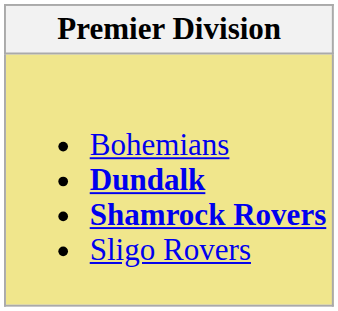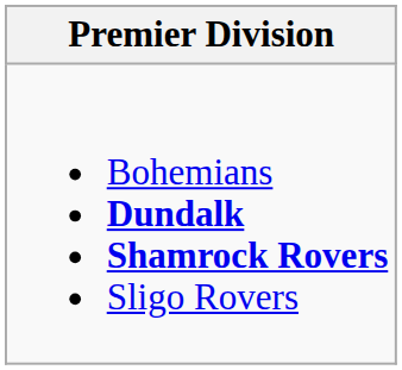 <table class="wikitable">
 <tr>
 <th>Premier Division</th>
 </tr>
 <tr>
-<td valign="top" style="background: khaki;"><br><ul><li><a href='#'>Bohemians</a></li><li><strong><a href='#'>Dundalk</a></strong></li><li><strong><a href='#'>Shamrock Rovers</a></strong></li><li><a href='#'>Sligo Rovers</a></li></ul></td>
+<td valign="top"><br><ul><li><a href='#'>Bohemians</a></li><li><strong><a href='#'>Dundalk</a></strong></li><li><strong><a href='#'>Shamrock Rovers</a></strong></li><li><a href='#'>Sligo Rovers</a></li></ul></td>
 </tr>
 </table>
